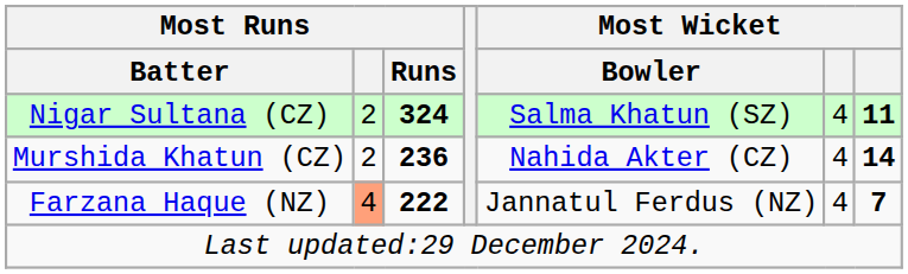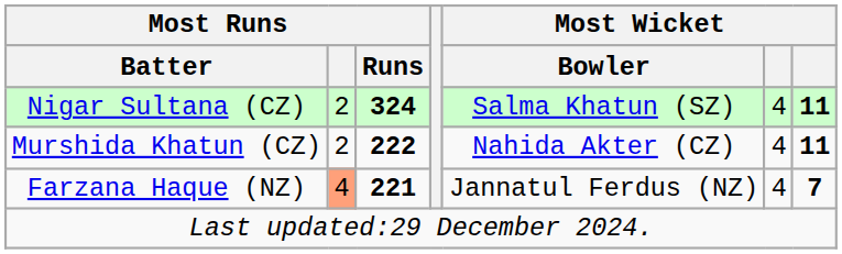 <table class="wikitable" style="font-size:85%; text-align:center;">
 <tr>
 <th style="text-align: center" colspan=3><strong>Most Runs</strong></th>
 <th style="text-align: center" rowspan=5></th>
 <th style="text-align: center" colspan=3><strong>Most Wicket</strong></th>
 </tr>
 <tr>
 <th>Batter</th>
 <th></th>
 <th>Runs</th>
 <th>Bowler</th>
 <th></th>
 <th></th>
 </tr>
 <tr style="background:#cfc">
 <td><a href='#'>Nigar Sultana</a> (CZ)</td>
 <td>2</td>
 <td><strong>324</strong></td>
 <td><a href='#'>Salma Khatun</a> (SZ)</td>
 <td>4</td>
 <td><strong>11</strong></td>
 </tr>
 <tr>
 <td><a href='#'>Murshida Khatun</a> (CZ)</td>
 <td>2</td>
-<td><strong>236</strong></td>
+<td><strong>222</strong></td>
 <td><a href='#'>Nahida Akter</a> (CZ)</td>
 <td>4</td>
-<td><strong>14</strong></td>
+<td><strong>11</strong></td>
 </tr>
 <tr>
 <td><a href='#'>Farzana Haque</a> (NZ)</td>
 <td style="background: lightsalmon;">4</td>
-<td><strong>222</strong></td>
+<td><strong>221</strong></td>
 <td>Jannatul Ferdus (NZ)</td>
 <td>4</td>
 <td><strong>7</strong></td>
 </tr>
 <tr>
 <td colspan="7"><em>Last updated:29 December 2024. </em></td>
 </tr>
 </table>
